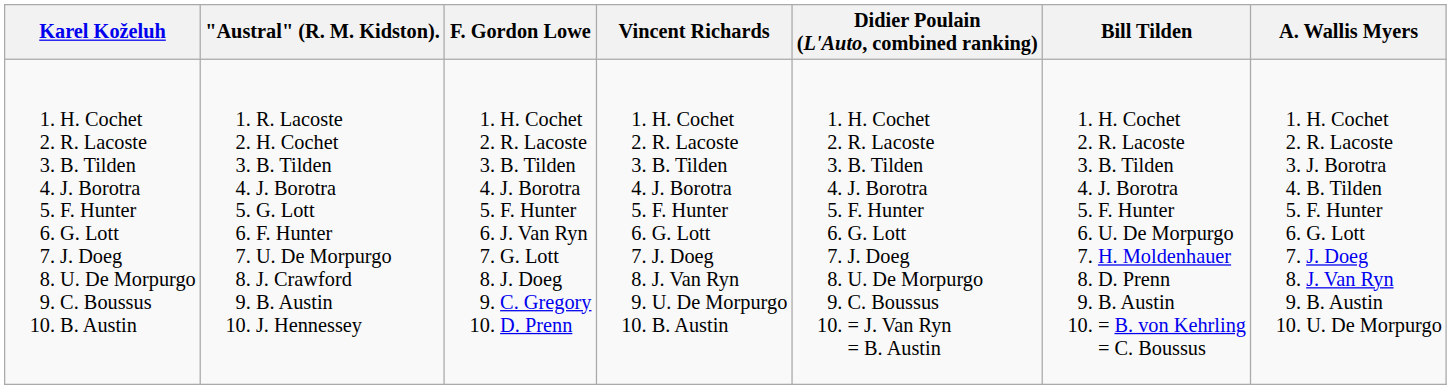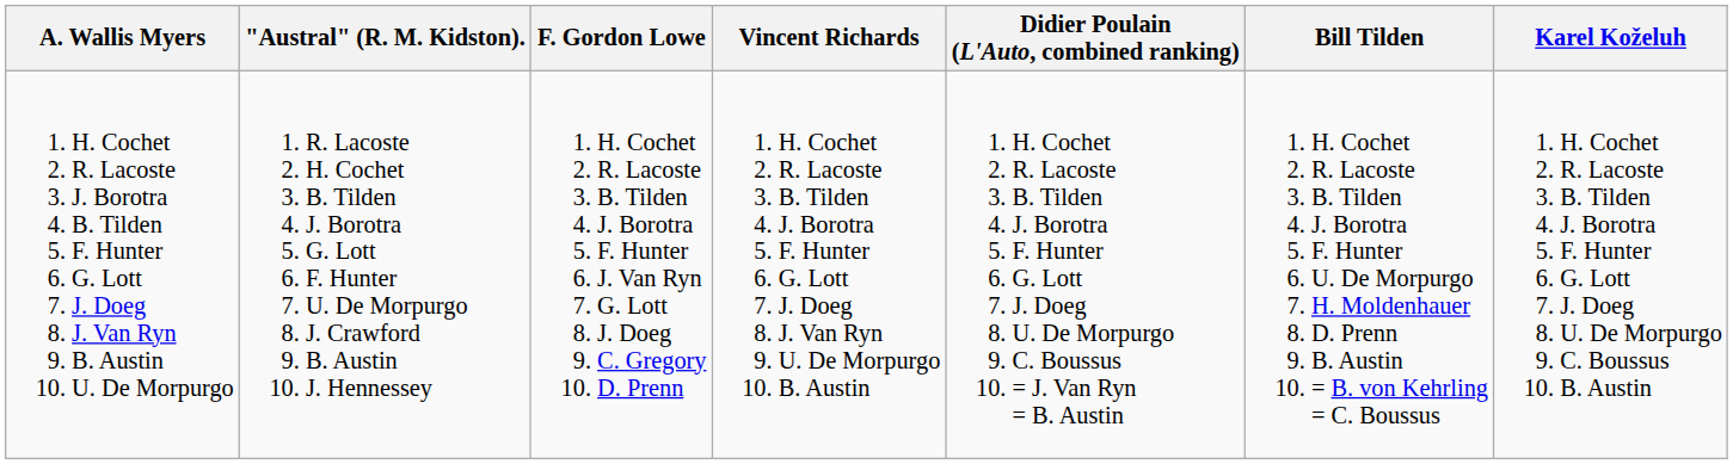 <table class="wikitable">
 <tr>
-<th><a href='#'>Karel Koželuh</a></th>
+<th>A. Wallis Myers</th>
 <th>"Austral" (R. M. Kidston).</th>
 <th>F. Gordon Lowe</th>
 <th>Vincent Richards</th>
 <th>Didier Poulain<br>(<em>L'Auto</em>, combined ranking)</th>
 <th>Bill Tilden</th>
-<th>A. Wallis Myers</th>
+<th><a href='#'>Karel Koželuh</a></th>
 </tr>
 <tr style="vertical-align: top;">
-<td style="white-space: nowrap;"><br><ol><li> H. Cochet</li><li> R. Lacoste</li><li> B. Tilden</li><li> J. Borotra</li><li> F. Hunter</li><li> G. Lott</li><li> J. Doeg</li><li> U. De Morpurgo</li><li> C. Boussus</li><li> B. Austin</li></ol></td>
+<td style="white-space: nowrap;"><br><ol><li> H. Cochet</li><li> R. Lacoste</li><li> J. Borotra</li><li> B. Tilden</li><li> F. Hunter</li><li> G. Lott</li><li> <a href='#'>J. Doeg</a></li><li> <a href='#'>J. Van Ryn</a></li><li> B. Austin</li><li> U. De Morpurgo</li></ol></td>
 <td style="white-space: nowrap;"><br><ol><li> R. Lacoste</li><li> H. Cochet</li><li> B. Tilden</li><li> J. Borotra</li><li> G. Lott</li><li> F. Hunter</li><li> U. De Morpurgo</li><li> J. Crawford</li><li> B. Austin</li><li> J. Hennessey</li></ol></td>
 <td style="white-space: nowrap;"><br><ol><li> H. Cochet</li><li> R. Lacoste</li><li> B. Tilden</li><li> J. Borotra</li><li> F. Hunter</li><li> J. Van Ryn</li><li> G. Lott</li><li> J. Doeg</li><li> <a href='#'>C. Gregory</a></li><li> <a href='#'>D. Prenn</a></li></ol></td>
 <td style="white-space: nowrap;"><br><ol><li> H. Cochet</li><li> R. Lacoste</li><li> B. Tilden</li><li> J. Borotra</li><li> F. Hunter</li><li> G. Lott</li><li> J. Doeg</li><li> J. Van Ryn</li><li> U. De Morpurgo</li><li> B. Austin</li></ol></td>
 <td style="white-space: nowrap;"><br><ol><li> H. Cochet</li><li> R. Lacoste</li><li> B. Tilden</li><li> J. Borotra</li><li> F. Hunter</li><li> G. Lott</li><li> J. Doeg</li><li> U. De Morpurgo</li><li> C. Boussus</li><li>= J. Van Ryn<br>= B. Austin</li></ol></td>
 <td style="white-space: nowrap;"><br><ol><li> H. Cochet</li><li> R. Lacoste</li><li> B. Tilden</li><li> J. Borotra</li><li> F. Hunter</li><li> U. De Morpurgo</li><li> <a href='#'>H. Moldenhauer</a></li><li> D. Prenn</li><li> B. Austin</li><li>= <a href='#'>B. von Kehrling</a><br>= C. Boussus</li></ol></td>
-<td style="white-space: nowrap;"><br><ol><li> H. Cochet</li><li> R. Lacoste</li><li> J. Borotra</li><li> B. Tilden</li><li> F. Hunter</li><li> G. Lott</li><li> <a href='#'>J. Doeg</a></li><li> <a href='#'>J. Van Ryn</a></li><li> B. Austin</li><li> U. De Morpurgo</li></ol></td>
+<td style="white-space: nowrap;"><br><ol><li> H. Cochet</li><li> R. Lacoste</li><li> B. Tilden</li><li> J. Borotra</li><li> F. Hunter</li><li> G. Lott</li><li> J. Doeg</li><li> U. De Morpurgo</li><li> C. Boussus</li><li> B. Austin</li></ol></td>
 </tr>
 </table>
